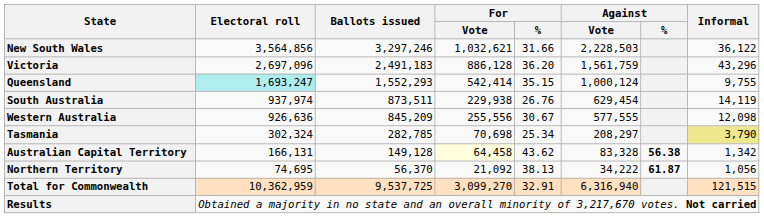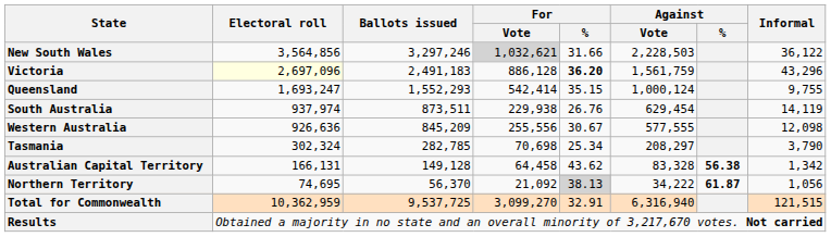 <table class="wikitable">
 <tr align=center>
 <th rowspan="2">State</th>
 <th rowspan="2">Electoral roll</th>
 <th rowspan="2">Ballots issued</th>
 <th align=center colspan="2">For</th>
 <th align=center colspan="2">Against</th>
 <th align=center rowspan="2">Informal</th>
 </tr>
 <tr>
 <th align=center>Vote</th>
 <th align=center>%</th>
 <th align=center>Vote</th>
 <th align=center>%</th>
 </tr>
 <tr align="right">
 <th style="text-align:left;">New South Wales</th>
 <td>3,564,856</td>
 <td>3,297,246</td>
-<td>1,032,621</td>
+<td style="background: lightgrey;">1,032,621</td>
 <td align="middle">31.66</td>
 <td>2,228,503</td>
 <th></th>
 <td>36,122</td>
 </tr>
 <tr align="right">
 <th style="text-align:left;">Victoria</th>
-<td>2,697,096</td>
+<td style="background: lightyellow;">2,697,096</td>
 <td>2,491,183</td>
 <td>886,128</td>
-<td align="middle">36.20</td>
+<td align="middle"><strong>36.20</strong></td>
 <td>1,561,759</td>
 <th></th>
 <td>43,296</td>
 </tr>
 <tr align="right">
 <th style="text-align:left;">Queensland</th>
-<td style="background: paleturquoise;">1,693,247</td>
+<td>1,693,247</td>
 <td>1,552,293</td>
 <td>542,414</td>
 <td align="middle">35.15</td>
 <td>1,000,124</td>
 <th></th>
 <td>9,755</td>
 </tr>
 <tr align="right">
 <th style="text-align:left;">South Australia</th>
 <td>937,974</td>
 <td>873,511</td>
 <td>229,938</td>
 <td align="middle">26.76</td>
 <td>629,454</td>
 <th></th>
 <td>14,119</td>
 </tr>
 <tr align="right">
 <th style="text-align:left;">Western Australia</th>
 <td>926,636</td>
 <td>845,209</td>
 <td>255,556</td>
 <td align="middle">30.67</td>
 <td>577,555</td>
 <th></th>
 <td>12,098</td>
 </tr>
 <tr align="right">
 <th style="text-align:left;">Tasmania</th>
 <td>302,324</td>
 <td>282,785</td>
 <td>70,698</td>
 <td align="middle">25.34</td>
 <td>208,297</td>
 <th></th>
-<td style="background: khaki;">3,790</td>
+<td>3,790</td>
 </tr>
 <tr align="right">
 <th style="text-align:left;">Australian Capital Territory </th>
 <td>166,131</td>
 <td>149,128</td>
-<td style="background: lightyellow;">64,458</td>
+<td>64,458</td>
 <td align="middle">43.62</td>
 <td>83,328</td>
 <td align="middle"><strong>56.38</strong></td>
 <td>1,342</td>
 </tr>
 <tr align="right">
 <th style="text-align:left;">Northern Territory </th>
 <td>74,695</td>
 <td>56,370</td>
 <td>21,092</td>
-<td align="middle">38.13</td>
+<td align="middle" style="background: lightgrey;">38.13</td>
 <td>34,222</td>
 <td align="middle"><strong>61.87</strong></td>
 <td>1,056</td>
 </tr>
 <tr bgcolor=#FFE0C0 align="right">
 <th style="text-align:left;">Total for Commonwealth</th>
 <td>10,362,959</td>
 <td>9,537,725</td>
 <td>3,099,270</td>
 <td align="middle">32.91</td>
 <td>6,316,940</td>
 <th></th>
 <td>121,515</td>
 </tr>
 <tr>
 <th style="text-align:left;">Results</th>
 <td colSpan="8"><em>Obtained a majority in no state and an overall minority of 3,217,670 votes.</em> <strong>Not carried</strong></td>
 </tr>
 </table>
